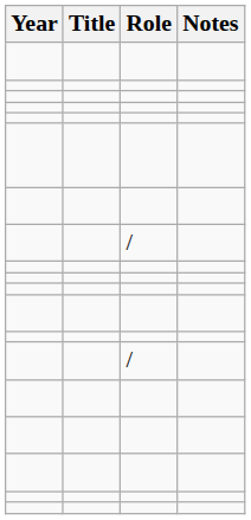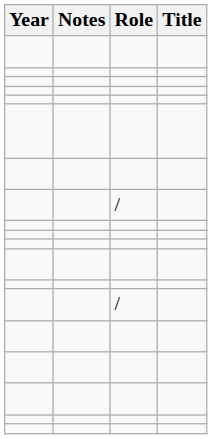 <table class="wikitable plainrowheaders">
 <tr>
 <th>Year</th>
+<th class="unsortable">Notes</th>
+<th>Role</th>
 <th>Title</th>
-<th>Role</th>
-<th class="unsortable">Notes</th>
 </tr>
 <tr>
 <td></td>
+<td><br></td>
+<td></td>
 <td><em></em></td>
-<td></td>
-<td><br></td>
 </tr>
 <tr>
 <td></td>
-<td><em></em></td>
 <td></td>
 <td></td>
+<td><em></em></td>
 </tr>
 <tr>
 <td></td>
-<td><em></em></td>
 <td></td>
 <td></td>
+<td><em></em></td>
 </tr>
 <tr>
 <td></td>
-<td><em></em></td>
 <td></td>
 <td></td>
+<td><em></em></td>
 </tr>
 <tr>
 <td></td>
-<td><em></em></td>
 <td></td>
 <td></td>
+<td><em></em></td>
 </tr>
 <tr>
 <td></td>
+<td><br><br></td>
+<td></td>
 <td><em></em></td>
-<td></td>
-<td><br><br></td>
 </tr>
 <tr>
 <td></td>
+<td><br></td>
+<td></td>
 <td><em></em></td>
-<td></td>
-<td><br></td>
 </tr>
 <tr>
 <td></td>
+<td></td>
+<td> / </td>
 <td><em></em></td>
-<td> / </td>
-<td></td>
 </tr>
 <tr>
 <td></td>
-<td><em></em></td>
 <td></td>
 <td></td>
+<td><em></em></td>
 </tr>
 <tr>
 <td></td>
-<td><em></em></td>
 <td></td>
 <td></td>
+<td><em></em></td>
 </tr>
 <tr>
 <td></td>
-<td><em></em></td>
 <td></td>
 <td></td>
+<td><em></em></td>
 </tr>
 <tr>
 <td></td>
+<td><br></td>
+<td></td>
 <td><em></em></td>
-<td></td>
-<td><br></td>
 </tr>
 <tr>
 <td></td>
-<td><em></em></td>
 <td></td>
 <td></td>
+<td><em></em></td>
 </tr>
 <tr>
 <td></td>
+<td><br></td>
+<td> / </td>
 <td><em></em></td>
-<td> / </td>
-<td><br></td>
 </tr>
 <tr>
 <td></td>
+<td><br></td>
+<td></td>
 <td><em></em></td>
-<td></td>
-<td><br></td>
 </tr>
 <tr>
 <td></td>
+<td><br></td>
+<td></td>
 <td><em></em></td>
-<td></td>
-<td><br></td>
 </tr>
 <tr>
 <td></td>
+<td><br></td>
+<td></td>
 <td><em></em></td>
-<td></td>
-<td><br></td>
 </tr>
 <tr>
 <td></td>
-<td><em></em></td>
 <td></td>
 <td></td>
+<td><em></em></td>
 </tr>
 <tr>
 <td></td>
-<td><em></em></td>
 <td></td>
 <td></td>
+<td><em></em></td>
 </tr>
 </table>
